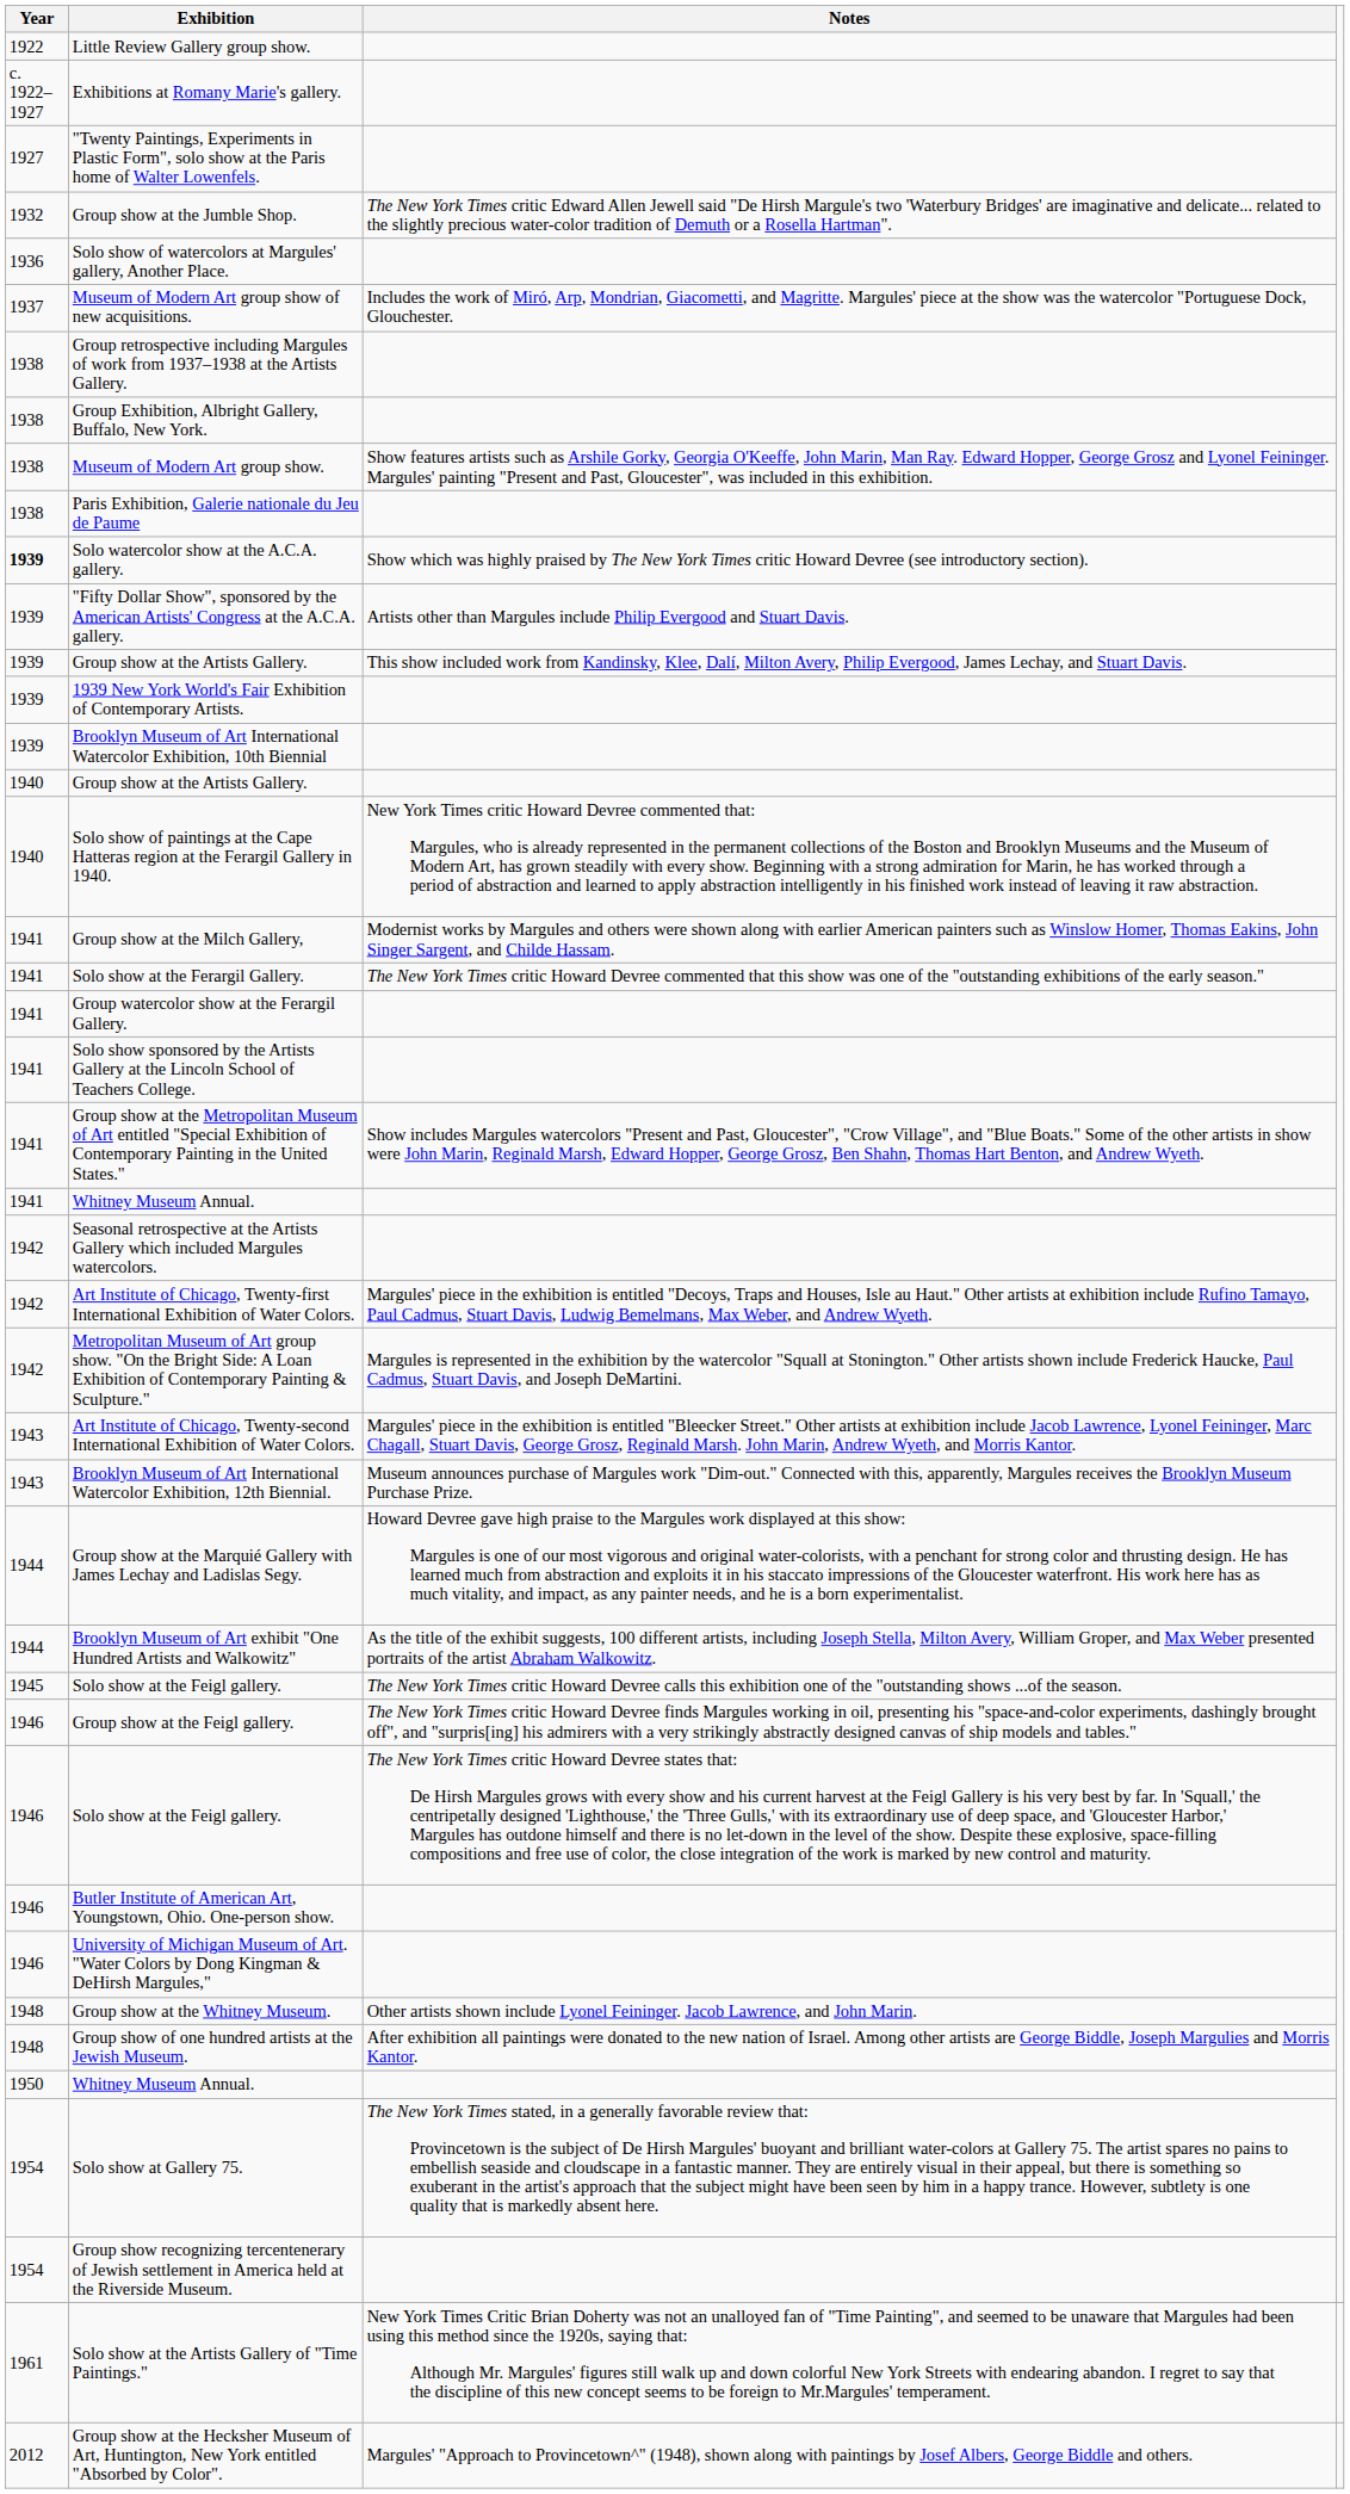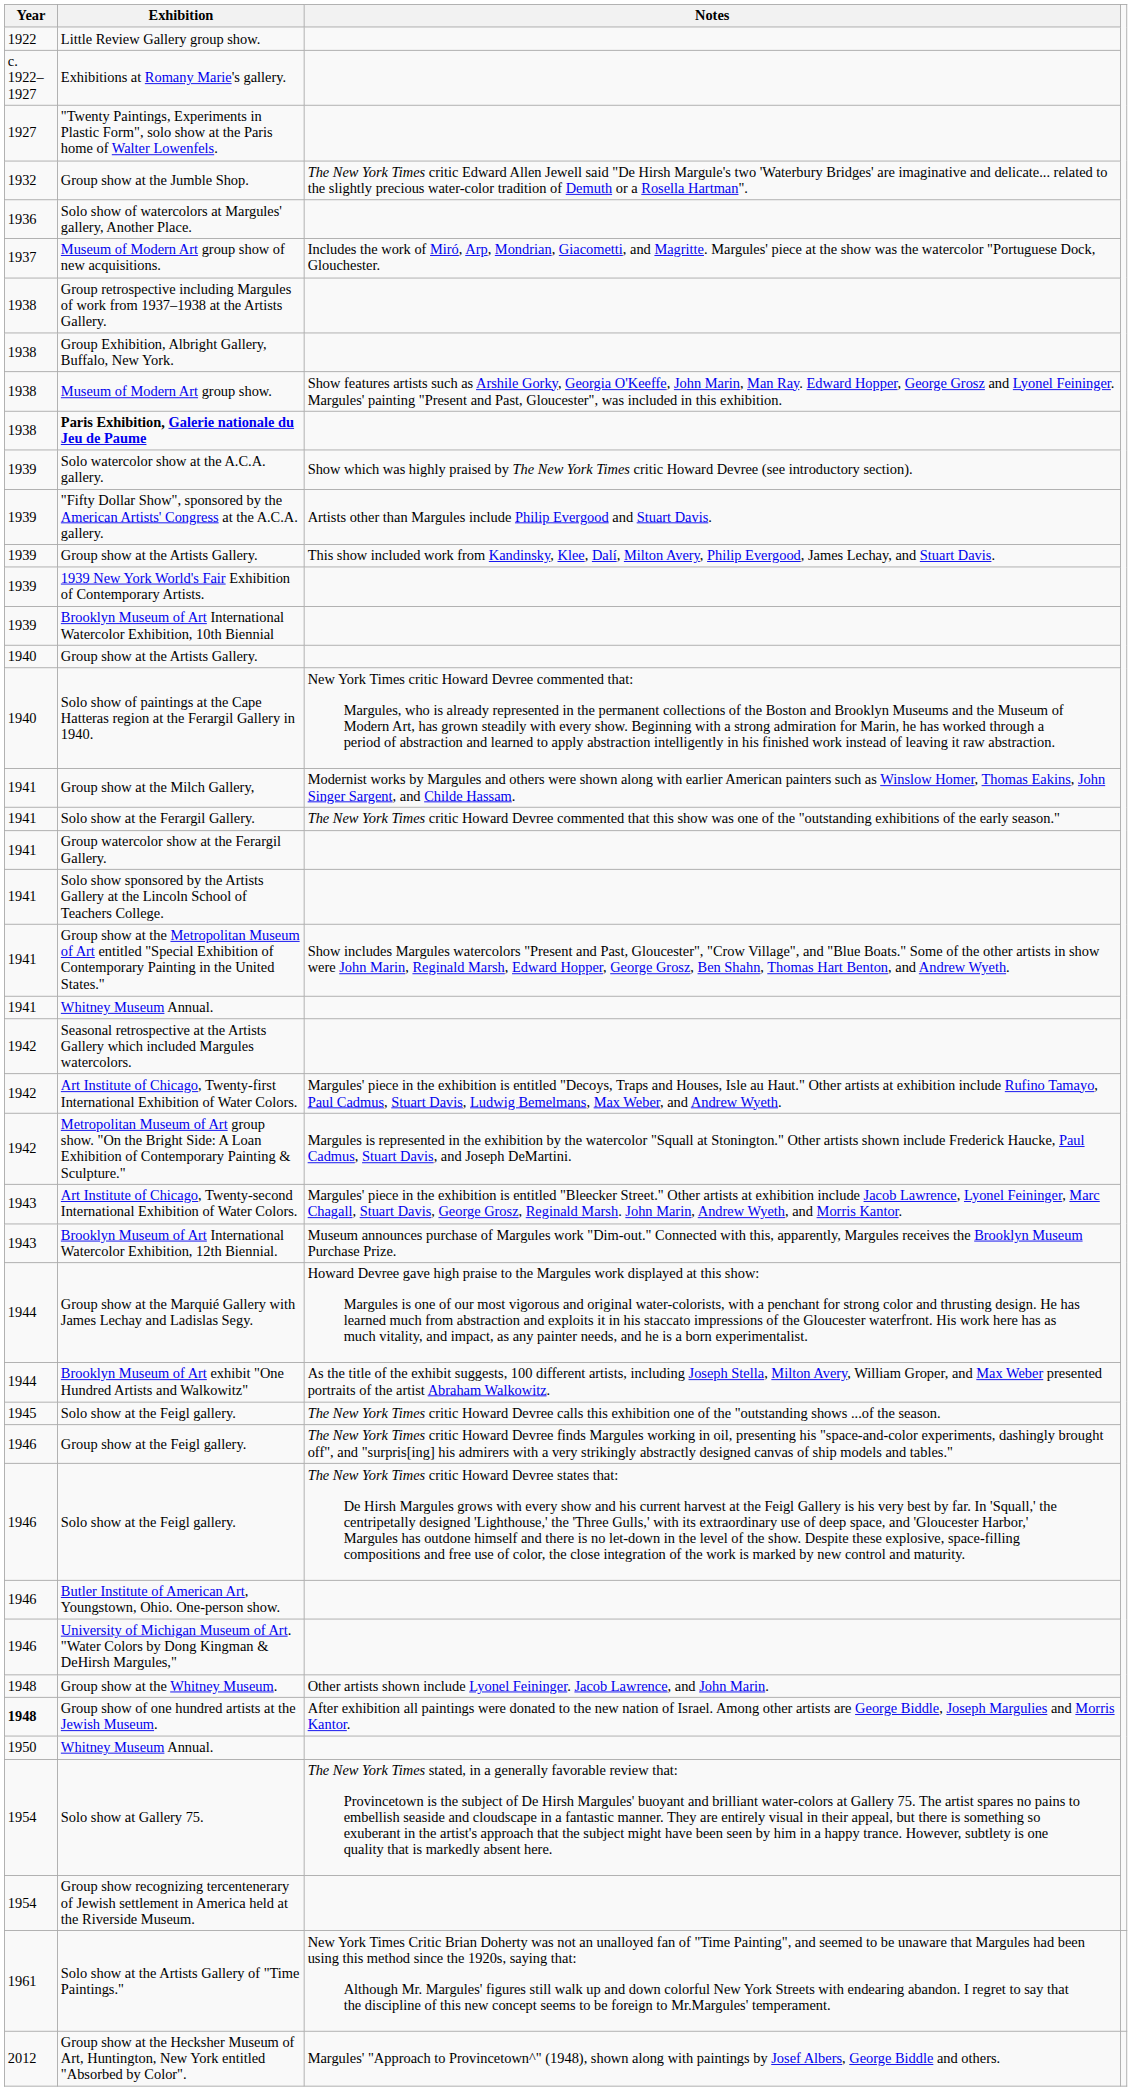 <table class="wikitable">
 <tr>
 <th>Year</th>
 <th>Exhibition</th>
 <th>Notes</th>
 </tr>
 <tr>
 <td>1922</td>
 <td>Little Review Gallery group show.</td>
 <td></td>
 </tr>
 <tr>
 <td>c. 1922–1927</td>
 <td>Exhibitions at <a href='#'>Romany Marie</a>'s gallery.</td>
 <td></td>
 </tr>
 <tr>
 <td>1927</td>
 <td>"Twenty Paintings, Experiments in Plastic Form", solo show at the Paris home of <a href='#'>Walter Lowenfels</a>.</td>
 <td></td>
 </tr>
 <tr>
 <td>1932</td>
 <td>Group show at the Jumble Shop.</td>
 <td><em>The New York Times</em> critic Edward Allen Jewell said "De Hirsh Margule's two 'Waterbury Bridges' are imaginative and delicate... related to the slightly precious water-color tradition of <a href='#'>Demuth</a> or a <a href='#'>Rosella Hartman</a>".</td>
 </tr>
 <tr>
 <td>1936</td>
 <td>Solo show of watercolors at Margules' gallery, Another Place.</td>
 <td></td>
 </tr>
 <tr>
 <td>1937</td>
 <td><a href='#'>Museum of Modern Art</a> group show of new acquisitions.</td>
 <td>Includes the work of <a href='#'>Miró</a>, <a href='#'>Arp</a>, <a href='#'>Mondrian</a>, <a href='#'>Giacometti</a>, and <a href='#'>Magritte</a>. Margules' piece at the show was the watercolor "Portuguese Dock, Glouchester.</td>
 </tr>
 <tr>
 <td>1938</td>
 <td>Group retrospective including Margules of work from 1937–1938 at the Artists Gallery.</td>
 <td></td>
 </tr>
 <tr>
 <td>1938</td>
 <td>Group Exhibition, Albright Gallery, Buffalo, New York.</td>
 <td></td>
 </tr>
 <tr>
 <td>1938</td>
 <td><a href='#'>Museum of Modern Art</a> group show.</td>
 <td>Show features artists such as <a href='#'>Arshile Gorky</a>, <a href='#'>Georgia O'Keeffe</a>, <a href='#'>John Marin</a>, <a href='#'>Man Ray</a>. <a href='#'>Edward Hopper</a>, <a href='#'>George Grosz</a> and <a href='#'>Lyonel Feininger</a>. Margules' painting "Present and Past, Gloucester", was included in this exhibition.</td>
 </tr>
 <tr>
 <td>1938</td>
-<td>Paris Exhibition, <a href='#'>Galerie nationale du Jeu de Paume</a></td>
+<td><strong>Paris Exhibition, <a href='#'>Galerie nationale du Jeu de Paume</a></strong></td>
 <td></td>
 </tr>
 <tr>
-<td><strong>1939</strong></td>
+<td>1939</td>
 <td>Solo watercolor show at the A.C.A. gallery.</td>
 <td>Show which was highly praised by <em>The New York Times</em> critic Howard Devree (see introductory section).</td>
 </tr>
 <tr>
 <td>1939</td>
 <td>"Fifty Dollar Show", sponsored by the <a href='#'>American Artists' Congress</a> at the A.C.A. gallery.</td>
 <td>Artists other than Margules include <a href='#'>Philip Evergood</a> and <a href='#'>Stuart Davis</a>.</td>
 </tr>
 <tr>
 <td>1939</td>
 <td>Group show at the Artists Gallery.</td>
 <td>This show included work from <a href='#'>Kandinsky</a>, <a href='#'>Klee</a>, <a href='#'>Dalí</a>, <a href='#'>Milton Avery</a>, <a href='#'>Philip Evergood</a>, James Lechay, and <a href='#'>Stuart Davis</a>.</td>
 </tr>
 <tr>
 <td>1939</td>
 <td><a href='#'>1939 New York World's Fair</a> Exhibition of Contemporary Artists.</td>
 <td></td>
 </tr>
 <tr>
 <td>1939</td>
 <td><a href='#'>Brooklyn Museum of Art</a> International Watercolor Exhibition, 10th Biennial</td>
 <td></td>
 </tr>
 <tr>
 <td>1940</td>
 <td>Group show at the Artists Gallery.</td>
 <td></td>
 </tr>
 <tr>
 <td>1940</td>
 <td>Solo show of paintings at the Cape Hatteras region at the Ferargil Gallery in 1940.</td>
 <td>New York Times critic Howard Devree commented that:<br><blockquote>Margules, who is already represented in the permanent collections of the Boston and Brooklyn Museums and the Museum of Modern Art, has grown steadily with every show. Beginning with a strong admiration for Marin, he has worked through a period of abstraction and learned to apply abstraction intelligently in his finished work instead of leaving it raw abstraction.</blockquote></td>
 </tr>
 <tr>
 <td>1941</td>
 <td>Group show at the Milch Gallery,</td>
 <td>Modernist works by Margules and others were shown along with earlier American painters such as <a href='#'>Winslow Homer</a>, <a href='#'>Thomas Eakins</a>, <a href='#'>John Singer Sargent</a>, and <a href='#'>Childe Hassam</a>.</td>
 </tr>
 <tr>
 <td>1941</td>
 <td>Solo show at the Ferargil Gallery.</td>
 <td><em>The New York Times</em> critic Howard Devree commented that this show was one of the "outstanding exhibitions of the early season."</td>
 </tr>
 <tr>
 <td>1941</td>
 <td>Group watercolor show at the Ferargil Gallery.</td>
 <td></td>
 </tr>
 <tr>
 <td>1941</td>
 <td>Solo show sponsored by the Artists Gallery at the Lincoln School of Teachers College.</td>
 <td></td>
 </tr>
 <tr>
 <td>1941</td>
 <td>Group show at the <a href='#'>Metropolitan Museum of Art</a> entitled "Special Exhibition of Contemporary Painting in the United States."</td>
 <td>Show includes Margules watercolors "Present and Past, Gloucester", "Crow Village", and "Blue Boats." Some of the other artists in show were <a href='#'>John Marin</a>, <a href='#'>Reginald Marsh</a>, <a href='#'>Edward Hopper</a>, <a href='#'>George Grosz</a>, <a href='#'>Ben Shahn</a>, <a href='#'>Thomas Hart Benton</a>, and <a href='#'>Andrew Wyeth</a>.</td>
 </tr>
 <tr>
 <td>1941</td>
 <td><a href='#'>Whitney Museum</a> Annual.</td>
 <td></td>
 </tr>
 <tr>
 <td>1942</td>
 <td>Seasonal retrospective at the Artists Gallery which included Margules watercolors.</td>
 <td></td>
 </tr>
 <tr>
 <td>1942</td>
 <td><a href='#'>Art Institute of Chicago</a>, Twenty-first International Exhibition of Water Colors.</td>
 <td>Margules' piece in the exhibition is entitled "Decoys, Traps and Houses, Isle au Haut." Other artists at exhibition include <a href='#'>Rufino Tamayo</a>, <a href='#'>Paul Cadmus</a>, <a href='#'>Stuart Davis</a>,  <a href='#'>Ludwig Bemelmans</a>, <a href='#'>Max Weber</a>, and <a href='#'>Andrew Wyeth</a>.</td>
 </tr>
 <tr>
 <td>1942</td>
 <td><a href='#'>Metropolitan Museum of Art</a> group show.  "On the Bright Side: A Loan Exhibition of Contemporary Painting & Sculpture."</td>
 <td>Margules is represented in the exhibition by the watercolor "Squall at Stonington." Other artists shown include Frederick Haucke, <a href='#'>Paul Cadmus</a>, <a href='#'>Stuart Davis</a>, and Joseph DeMartini.</td>
 </tr>
 <tr>
 <td>1943</td>
 <td><a href='#'>Art Institute of Chicago</a>, Twenty-second International Exhibition of Water Colors.</td>
 <td>Margules' piece in the exhibition is entitled "Bleecker Street." Other artists at exhibition include <a href='#'>Jacob Lawrence</a>, <a href='#'>Lyonel Feininger</a>, <a href='#'>Marc Chagall</a>, <a href='#'>Stuart Davis</a>, <a href='#'>George Grosz</a>, <a href='#'>Reginald Marsh</a>. <a href='#'>John Marin</a>, <a href='#'>Andrew Wyeth</a>, and <a href='#'>Morris Kantor</a>.</td>
 </tr>
 <tr>
 <td>1943</td>
 <td><a href='#'>Brooklyn Museum of Art</a> International Watercolor Exhibition, 12th Biennial.</td>
 <td>Museum announces purchase of Margules work "Dim-out." Connected with this, apparently, Margules receives the <a href='#'>Brooklyn Museum</a> Purchase Prize.</td>
 </tr>
 <tr>
 <td>1944</td>
 <td>Group show at the Marquié Gallery with James Lechay and Ladislas Segy.</td>
 <td>Howard Devree gave high praise to the Margules work displayed at this show:<br><blockquote>Margules is one of our most vigorous and original water-colorists, with a penchant for strong color and thrusting design. He has learned much from abstraction and exploits it in his staccato impressions of the Gloucester waterfront. His work here has as much vitality, and impact, as any painter needs, and he is a born experimentalist.</blockquote></td>
 </tr>
 <tr>
 <td>1944</td>
 <td><a href='#'>Brooklyn Museum of Art</a> exhibit "One Hundred Artists and Walkowitz"</td>
 <td>As the title of the exhibit suggests, 100 different artists, including <a href='#'>Joseph Stella</a>, <a href='#'>Milton Avery</a>, William Groper, and <a href='#'>Max Weber</a> presented portraits of the artist <a href='#'>Abraham Walkowitz</a>.</td>
 </tr>
 <tr>
 <td>1945</td>
 <td>Solo show at the Feigl gallery.</td>
 <td><em>The New York Times</em> critic Howard Devree calls this exhibition one of the "outstanding shows ...of the season.</td>
 </tr>
 <tr>
 <td>1946</td>
 <td>Group show at the Feigl gallery.</td>
 <td><em>The New York Times</em> critic Howard Devree finds Margules working in oil, presenting his "space-and-color experiments, dashingly brought off", and "surpris[ing] his admirers with a very strikingly abstractly designed canvas of ship models and tables."</td>
 </tr>
 <tr>
 <td>1946</td>
 <td>Solo show at the Feigl gallery.</td>
 <td><em>The New York Times</em> critic Howard Devree states that:<br><blockquote>De Hirsh Margules grows with every show and his current harvest at the Feigl Gallery is his very best by far. In 'Squall,' the centripetally designed 'Lighthouse,' the 'Three Gulls,' with its extraordinary use of deep space, and 'Gloucester Harbor,' Margules has outdone himself and there is no let-down in the level of the show. Despite these explosive, space-filling compositions and free use of color, the close integration of the work is marked by new control and maturity.</blockquote></td>
 </tr>
 <tr>
 <td>1946</td>
 <td><a href='#'>Butler Institute of American Art</a>, Youngstown, Ohio. One-person show.</td>
 <td></td>
 </tr>
 <tr>
 <td>1946</td>
 <td><a href='#'>University of Michigan Museum of Art</a>. "Water Colors by Dong Kingman & DeHirsh Margules,"</td>
 <td></td>
 </tr>
 <tr>
 <td>1948</td>
 <td>Group show at the <a href='#'>Whitney Museum</a>.</td>
 <td>Other artists shown include <a href='#'>Lyonel Feininger</a>. <a href='#'>Jacob Lawrence</a>, and <a href='#'>John Marin</a>.</td>
 </tr>
 <tr>
-<td>1948</td>
+<td><strong>1948</strong></td>
 <td>Group show of one hundred artists at the <a href='#'>Jewish Museum</a>.</td>
 <td>After exhibition all paintings were donated to the new nation of Israel. Among other artists are <a href='#'>George Biddle</a>, <a href='#'>Joseph Margulies</a> and <a href='#'>Morris Kantor</a>.</td>
 </tr>
 <tr>
 <td>1950</td>
 <td><a href='#'>Whitney Museum</a> Annual.</td>
 <td></td>
 </tr>
 <tr>
 <td>1954</td>
 <td>Solo show at Gallery 75.</td>
 <td><em>The New York Times</em> stated, in a generally favorable review that:<br><blockquote>Provincetown is the subject of De Hirsh Margules' buoyant and brilliant water-colors at Gallery 75. The artist spares no pains to embellish seaside and cloudscape in a fantastic manner. They are entirely visual in their appeal, but there is something so exuberant in the artist's approach that the subject might have been seen by him in a happy trance. However, subtlety is one quality that is markedly absent here.</blockquote></td>
 </tr>
 <tr>
 <td>1954</td>
 <td>Group show recognizing tercentenerary of Jewish settlement in America held at the Riverside Museum.</td>
 <td></td>
 </tr>
 <tr>
 <td>1961</td>
 <td>Solo show at the Artists Gallery of "Time Paintings."</td>
 <td>New York Times Critic Brian Doherty was not an unalloyed fan of "Time Painting", and seemed to be unaware that Margules had been using this method since the 1920s, saying that:<br><blockquote>Although Mr. Margules' figures still walk up and down colorful New York Streets with endearing abandon. I regret to say that the discipline of this new  concept seems to be foreign to Mr.Margules' temperament.</blockquote></td>
 <td></td>
 </tr>
 <tr>
 <td>2012</td>
 <td>Group show at the Hecksher Museum of Art, Huntington, New York entitled "Absorbed by Color".</td>
 <td>Margules' "Approach to Provincetown^" (1948), shown along with paintings by <a href='#'>Josef Albers</a>, <a href='#'>George Biddle</a> and others.</td>
 <td></td>
 </tr>
 </table>
